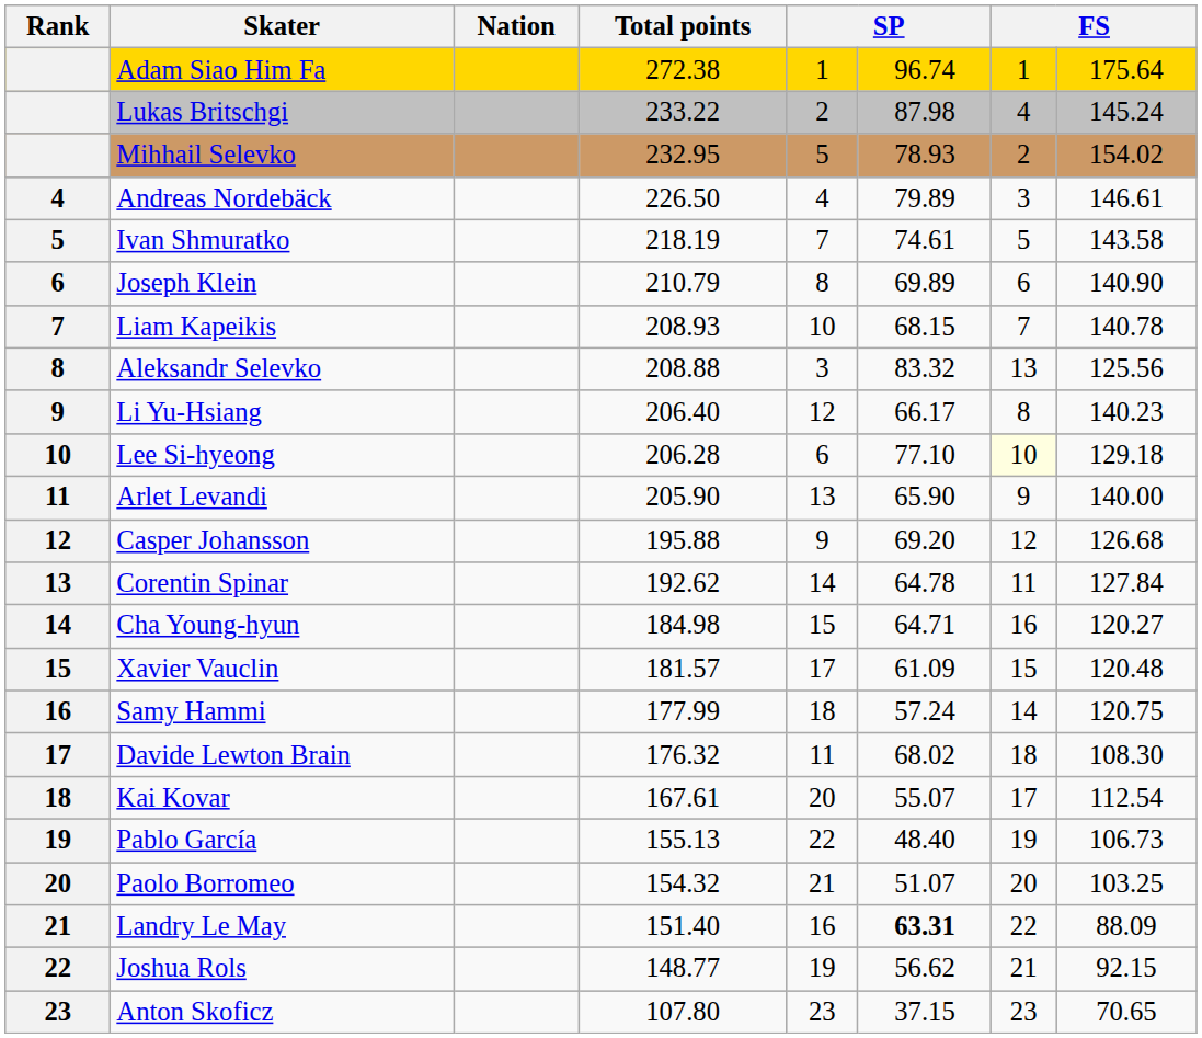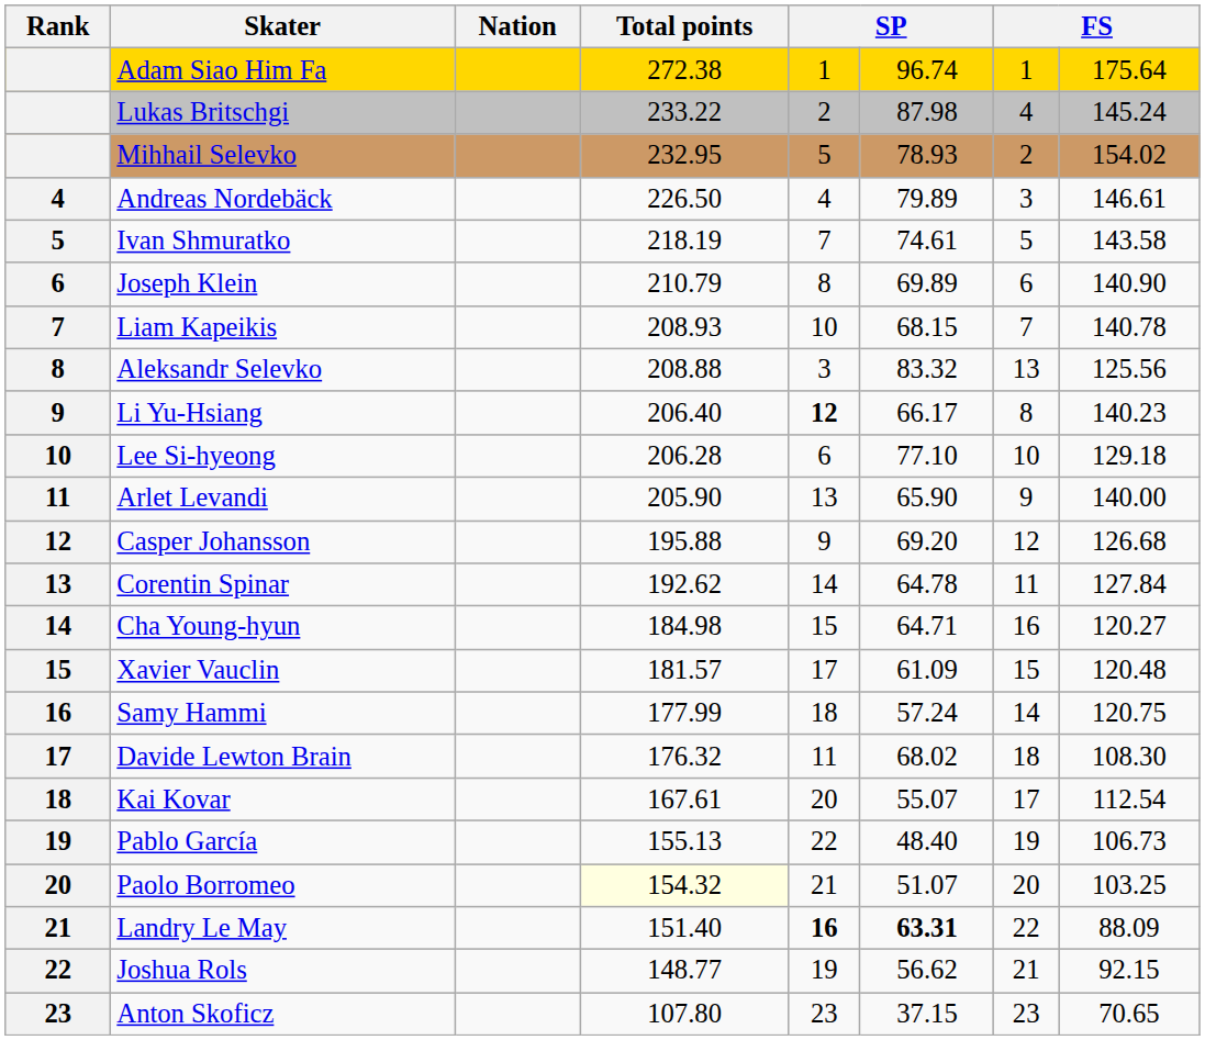 <table class="wikitable sortable" style="text-align:center;" width="80%">
 <tr>
 <th scope="col">Rank</th>
 <th scope="col">Skater</th>
 <th scope="col">Nation</th>
 <th scope="col">Total points</th>
 <th scope="col" colspan="2" width="80px"><a href='#'>SP</a></th>
 <th scope="col" colspan="2" width="80px"><a href='#'>FS</a></th>
 </tr>
 <tr bgcolor="gold">
 <th scope="row"></th>
 <td align="left"><a href='#'>Adam Siao Him Fa</a></td>
 <td align="left"></td>
 <td>272.38</td>
 <td>1</td>
 <td>96.74</td>
 <td>1</td>
 <td>175.64</td>
 </tr>
 <tr bgcolor="silver">
 <th scope="row"></th>
 <td align="left"><a href='#'>Lukas Britschgi</a></td>
 <td align="left"></td>
 <td>233.22</td>
 <td>2</td>
 <td>87.98</td>
 <td>4</td>
 <td>145.24</td>
 </tr>
 <tr bgcolor="cc9966">
 <th scope="row"></th>
 <td align="left"><a href='#'>Mihhail Selevko</a></td>
 <td align="left"></td>
 <td>232.95</td>
 <td>5</td>
 <td>78.93</td>
 <td>2</td>
 <td>154.02</td>
 </tr>
 <tr>
 <th scope="row">4</th>
 <td align="left"><a href='#'>Andreas Nordebäck</a></td>
 <td align="left"></td>
 <td>226.50</td>
 <td>4</td>
 <td>79.89</td>
 <td>3</td>
 <td>146.61</td>
 </tr>
 <tr>
 <th scope="row">5</th>
 <td align="left"><a href='#'>Ivan Shmuratko</a></td>
 <td align="left"></td>
 <td>218.19</td>
 <td>7</td>
 <td>74.61</td>
 <td>5</td>
 <td>143.58</td>
 </tr>
 <tr>
 <th scope="row">6</th>
 <td align="left"><a href='#'>Joseph Klein</a></td>
 <td align="left"></td>
 <td>210.79</td>
 <td>8</td>
 <td>69.89</td>
 <td>6</td>
 <td>140.90</td>
 </tr>
 <tr>
 <th scope="row">7</th>
 <td align="left"><a href='#'>Liam Kapeikis</a></td>
 <td align="left"></td>
 <td>208.93</td>
 <td>10</td>
 <td>68.15</td>
 <td>7</td>
 <td>140.78</td>
 </tr>
 <tr>
 <th scope="row">8</th>
 <td align="left"><a href='#'>Aleksandr Selevko</a></td>
 <td align="left"></td>
 <td>208.88</td>
 <td>3</td>
 <td>83.32</td>
 <td>13</td>
 <td>125.56</td>
 </tr>
 <tr>
 <th scope="row">9</th>
 <td align="left"><a href='#'>Li Yu-Hsiang</a></td>
 <td align="left"></td>
 <td>206.40</td>
-<td>12</td>
+<td><strong>12</strong></td>
 <td>66.17</td>
 <td>8</td>
 <td>140.23</td>
 </tr>
 <tr>
 <th scope="row">10</th>
 <td align="left"><a href='#'>Lee Si-hyeong</a></td>
 <td align="left"></td>
 <td>206.28</td>
 <td>6</td>
 <td>77.10</td>
-<td style="background: lightyellow;">10</td>
+<td>10</td>
 <td>129.18</td>
 </tr>
 <tr>
 <th scope="row">11</th>
 <td align="left"><a href='#'>Arlet Levandi</a></td>
 <td align="left"></td>
 <td>205.90</td>
 <td>13</td>
 <td>65.90</td>
 <td>9</td>
 <td>140.00</td>
 </tr>
 <tr>
 <th scope="row">12</th>
 <td align="left"><a href='#'>Casper Johansson</a></td>
 <td align="left"></td>
 <td>195.88</td>
 <td>9</td>
 <td>69.20</td>
 <td>12</td>
 <td>126.68</td>
 </tr>
 <tr>
 <th scope="row">13</th>
 <td align="left"><a href='#'>Corentin Spinar</a></td>
 <td align="left"></td>
 <td>192.62</td>
 <td>14</td>
 <td>64.78</td>
 <td>11</td>
 <td>127.84</td>
 </tr>
 <tr>
 <th scope="row">14</th>
 <td align="left"><a href='#'>Cha Young-hyun</a></td>
 <td align="left"></td>
 <td>184.98</td>
 <td>15</td>
 <td>64.71</td>
 <td>16</td>
 <td>120.27</td>
 </tr>
 <tr>
 <th scope="row">15</th>
 <td align="left"><a href='#'>Xavier Vauclin</a></td>
 <td align="left"></td>
 <td>181.57</td>
 <td>17</td>
 <td>61.09</td>
 <td>15</td>
 <td>120.48</td>
 </tr>
 <tr>
 <th scope="row">16</th>
 <td align="left"><a href='#'>Samy Hammi</a></td>
 <td align="left"></td>
 <td>177.99</td>
 <td>18</td>
 <td>57.24</td>
 <td>14</td>
 <td>120.75</td>
 </tr>
 <tr>
 <th scope="row">17</th>
 <td align="left"><a href='#'>Davide Lewton Brain</a></td>
 <td align="left"></td>
 <td>176.32</td>
 <td>11</td>
 <td>68.02</td>
 <td>18</td>
 <td>108.30</td>
 </tr>
 <tr>
 <th scope="row">18</th>
 <td align="left"><a href='#'>Kai Kovar</a></td>
 <td align="left"></td>
 <td>167.61</td>
 <td>20</td>
 <td>55.07</td>
 <td>17</td>
 <td>112.54</td>
 </tr>
 <tr>
 <th scope="row">19</th>
 <td align="left"><a href='#'>Pablo García</a></td>
 <td align="left"></td>
 <td>155.13</td>
 <td>22</td>
 <td>48.40</td>
 <td>19</td>
 <td>106.73</td>
 </tr>
 <tr>
 <th scope="row">20</th>
 <td align="left"><a href='#'>Paolo Borromeo</a></td>
 <td align="left"></td>
-<td>154.32</td>
+<td style="background: lightyellow;">154.32</td>
 <td>21</td>
 <td>51.07</td>
 <td>20</td>
 <td>103.25</td>
 </tr>
 <tr>
 <th scope="row">21</th>
 <td align="left"><a href='#'>Landry Le May</a></td>
 <td align="left"></td>
 <td>151.40</td>
-<td>16</td>
+<td><strong>16</strong></td>
 <td><strong>63.31</strong></td>
 <td>22</td>
 <td>88.09</td>
 </tr>
 <tr>
 <th scope="row">22</th>
 <td align="left"><a href='#'>Joshua Rols</a></td>
 <td align="left"></td>
 <td>148.77</td>
 <td>19</td>
 <td>56.62</td>
 <td>21</td>
 <td>92.15</td>
 </tr>
 <tr>
 <th scope="row">23</th>
 <td align="left"><a href='#'>Anton Skoficz</a></td>
 <td align="left"></td>
 <td>107.80</td>
 <td>23</td>
 <td>37.15</td>
 <td>23</td>
 <td>70.65</td>
 </tr>
 </table>
